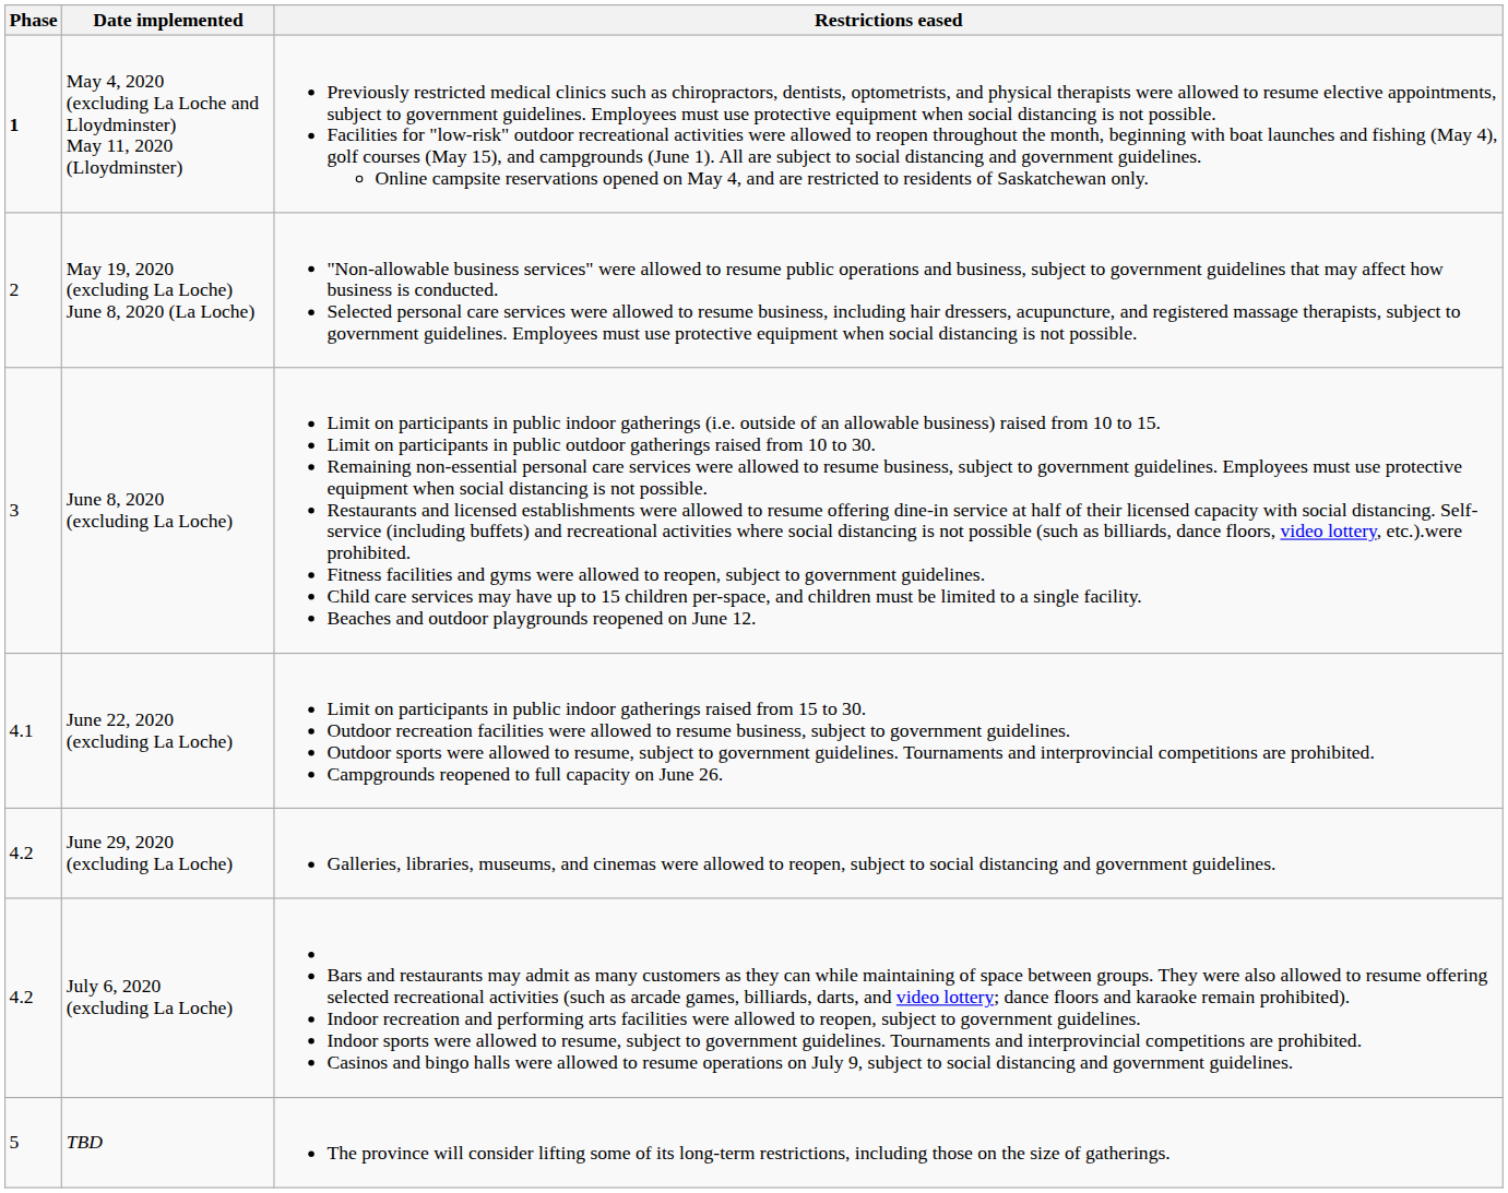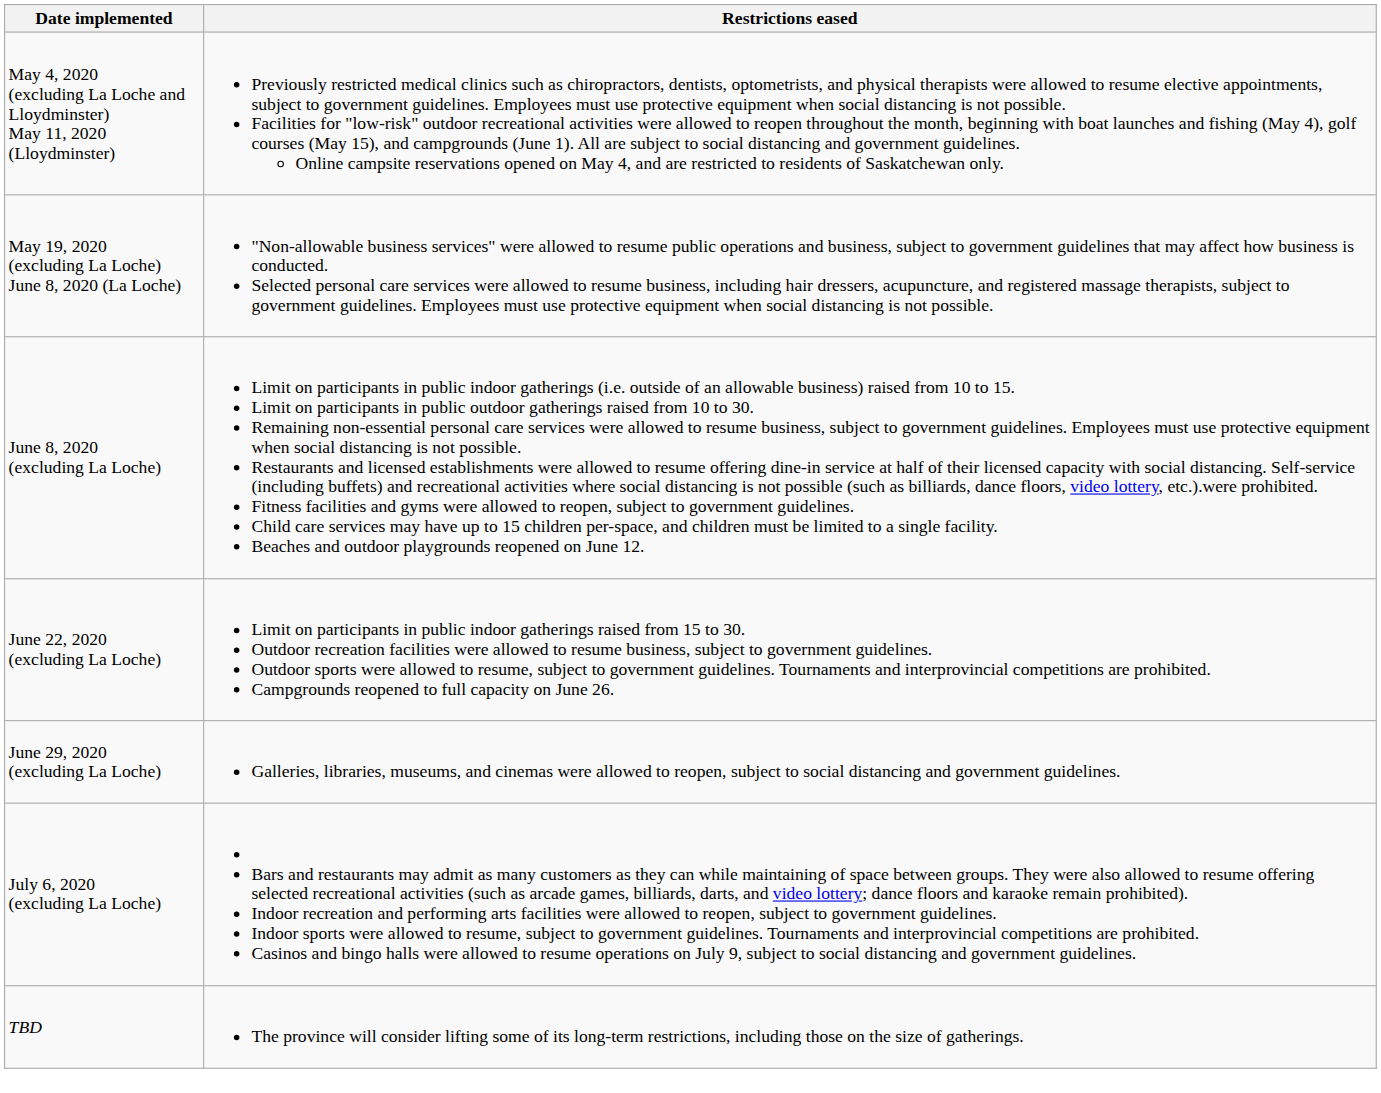 <table class="wikitable">
 <tr>
-<th>Phase</th>
 <th>Date implemented</th>
 <th>Restrictions eased</th>
 </tr>
 <tr>
-<td><strong>1</strong></td>
 <td>May 4, 2020<br>(excluding La Loche and Lloydminster)<em></em><br>May 11, 2020 (Lloydminster)</td>
 <td><br><ul><li>Previously restricted medical clinics such as chiropractors, dentists, optometrists, and physical therapists were allowed to resume elective appointments, subject to government guidelines. Employees must use protective equipment when social distancing is not possible.</li><li>Facilities for "low-risk" outdoor recreational activities were allowed to reopen throughout the month, beginning with boat launches and fishing (May 4), golf courses (May 15), and campgrounds (June 1). All are subject to social distancing and government guidelines.<ul><li>Online campsite reservations opened on May 4, and are restricted to residents of Saskatchewan only.</li></ul></li></ul></td>
 </tr>
 <tr>
-<td>2</td>
 <td>May 19, 2020<br>(excluding La Loche)<br> June 8, 2020 (La Loche)</td>
 <td><br><ul><li>"Non-allowable business services" were allowed to resume public operations and business, subject to government guidelines that may affect how business is conducted.</li><li>Selected personal care services were allowed to resume business, including hair dressers, acupuncture, and registered massage therapists, subject to government guidelines. Employees must use protective equipment when social distancing is not possible.</li></ul></td>
 </tr>
 <tr>
-<td>3</td>
 <td>June 8, 2020<br>(excluding La Loche)</td>
 <td><br><ul><li>Limit on participants in public indoor gatherings (i.e. outside of an allowable business) raised from 10 to 15.</li><li>Limit on participants in public outdoor gatherings raised from 10 to 30.</li><li>Remaining non-essential personal care services were allowed to resume business, subject to government guidelines. Employees must use protective equipment when social distancing is not possible.</li><li>Restaurants and licensed establishments were allowed to resume offering dine-in service at half of their licensed capacity with social distancing. Self-service (including buffets) and recreational activities where social distancing is not possible (such as billiards, dance floors, <a href='#'>video lottery</a>, etc.).were prohibited.</li><li>Fitness facilities and gyms were allowed to reopen, subject to government guidelines.</li><li>Child care services may have up to 15 children per-space, and children must be limited to a single facility.</li><li>Beaches and outdoor playgrounds reopened on June 12.</li></ul></td>
 </tr>
 <tr>
-<td>4.1</td>
 <td>June 22, 2020<br>(excluding La Loche)</td>
 <td><br><ul><li>Limit on participants in public indoor gatherings raised from 15 to 30.</li><li>Outdoor recreation facilities were allowed to resume business, subject to government guidelines.</li><li>Outdoor sports were allowed to resume, subject to government guidelines. Tournaments and interprovincial competitions are prohibited.</li><li>Campgrounds reopened to full capacity on June 26.</li></ul></td>
 </tr>
 <tr>
-<td>4.2</td>
 <td>June 29, 2020<br>(excluding La Loche)</td>
 <td><br><ul><li>Galleries, libraries, museums, and cinemas were allowed to reopen, subject to social distancing and government guidelines.</li></ul></td>
 </tr>
 <tr>
-<td>4.2</td>
 <td>July 6, 2020<br>(excluding La Loche)</td>
 <td><br><ul><li></li><li>Bars and restaurants may admit as many customers as they can while maintaining  of space between groups. They were also allowed to resume offering selected recreational activities (such as arcade games, billiards, darts, and <a href='#'>video lottery</a>; dance floors and karaoke remain prohibited).</li><li>Indoor recreation and performing arts facilities were allowed to reopen, subject to government guidelines.</li><li>Indoor sports were allowed to resume, subject to government guidelines. Tournaments and interprovincial competitions are prohibited.</li><li>Casinos and bingo halls were allowed to resume operations on July 9, subject to social distancing and government guidelines.</li></ul></td>
 </tr>
 <tr>
-<td>5</td>
 <td><em>TBD</em></td>
 <td><br><ul><li>The province will consider lifting some of its long-term restrictions, including those on the size of gatherings.</li></ul></td>
 </tr>
 </table>
